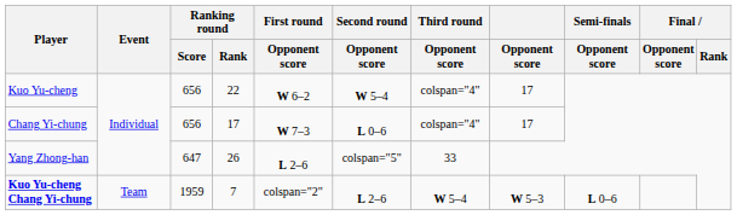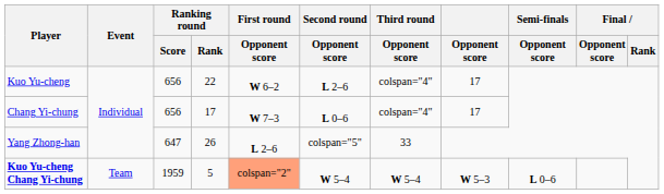 <table class="wikitable" style="font-size:90%; text-align:center">
 <tr>
 <th rowspan="2" width="150">Player</th>
 <th rowspan="2" width="100">Event</th>
 <th colspan="2">Ranking round</th>
 <th width="100">First round</th>
 <th width="100">Second round</th>
 <th width="100">Third round</th>
 <th width="100"></th>
 <th width="100">Semi-finals</th>
 <th colspan="2" width="100">Final / </th>
 </tr>
 <tr>
 <th width="50">Score</th>
 <th width="50">Rank</th>
 <th>Opponent<br>score</th>
 <th>Opponent<br>score</th>
 <th>Opponent<br>score</th>
 <th>Opponent<br>score</th>
 <th>Opponent<br>score</th>
 <th>Opponent<br>score</th>
 <th>Rank</th>
 </tr>
 <tr>
 <td align="left"><a href='#'>Kuo Yu-cheng</a></td>
 <td rowspan="3"><a href='#'>Individual</a></td>
 <td>656</td>
 <td>22</td>
 <td><br><strong>W</strong> 6–2</td>
-<td><br><strong>W</strong> 5–4</td>
+<td><br><strong>L</strong> 2–6</td>
 <td>colspan="4" </td>
 <td>17</td>
 </tr>
 <tr>
 <td align="left"><a href='#'>Chang Yi-chung</a></td>
 <td>656</td>
 <td>17</td>
 <td><br><strong>W</strong> 7–3</td>
 <td><br><strong>L</strong> 0–6</td>
 <td>colspan="4" </td>
 <td>17</td>
 </tr>
 <tr>
 <td align="left"><a href='#'>Yang Zhong-han</a></td>
 <td>647</td>
 <td>26</td>
 <td><br><strong>L</strong> 2–6</td>
 <td>colspan="5" </td>
 <td>33</td>
 </tr>
 <tr>
 <td align="left"><strong><a href='#'>Kuo Yu-cheng</a><br><a href='#'>Chang Yi-chung</a><br></strong></td>
 <td><a href='#'>Team</a></td>
 <td>1959</td>
-<td>7</td>
-<td>colspan="2" </td>
-<td><br><strong>L</strong> 2–6</td>
+<td>5</td>
+<td style="background: lightsalmon;">colspan="2" </td>
+<td><br><strong>W</strong> 5–4</td>
 <td><br><strong>W</strong> 5–4</td>
 <td><br><strong>W</strong> 5–3</td>
 <td><br><strong>L</strong> 0–6</td>
 <td></td>
 </tr>
 </table>
